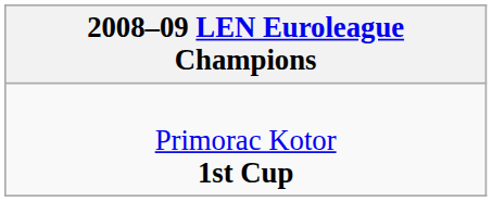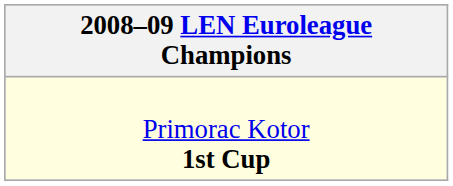 <table class="wikitable" style="margin: 0 auto; width: 30%;">
 <tr>
 <th>2008–09 <a href='#'>LEN Euroleague</a><br>Champions</th>
 </tr>
 <tr>
-<td align=center><br><a href='#'>Primorac Kotor</a><br><strong>1st Cup</strong></td>
+<td align=center style="background: lightyellow;"><br><a href='#'>Primorac Kotor</a><br><strong>1st Cup</strong></td>
 </tr>
 </table>
